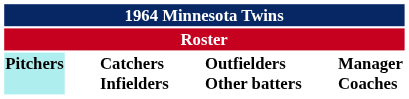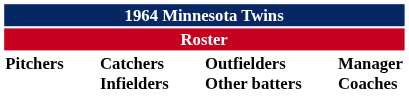 <table class="toccolours" style="font-size: 95%;">
 <tr>
 <th colspan="10" style="background-color: #072764; color: white; text-align: center;">1964 Minnesota Twins</th>
 </tr>
 <tr>
 <td colspan="10" style="background-color: #c6011f; color: white; text-align: center;"><strong>Roster</strong></td>
 </tr>
 <tr>
-<td valign="top" style="background: paleturquoise;"><strong>Pitchers</strong><br>                   </td>
+<td valign="top"><strong>Pitchers</strong><br>                   </td>
 <td width="25px"></td>
 <td valign="top"><strong>Catchers</strong><br>    <strong>Infielders</strong>              </td>
 <td width="25px"></td>
 <td valign="top"><strong>Outfielders</strong><br>     <strong>Other batters</strong> </td>
 <td width="25px"></td>
 <td valign="top"><strong>Manager</strong><br> <strong>Coaches</strong>    </td>
 </tr>
 <tr>
 </tr>
 </table>
